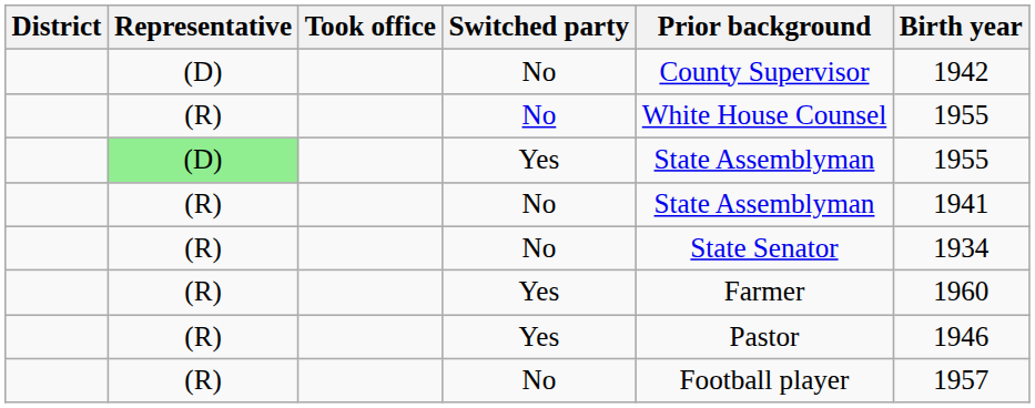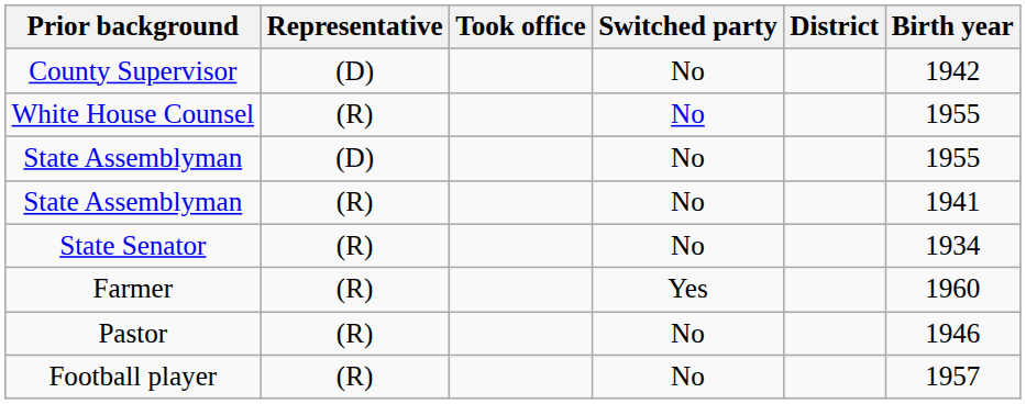 <table class="sortable wikitable" style="text-align:center">
 <tr>
-<th>District</th>
+<th>Prior background</th>
 <th>Representative</th>
 <th>Took office</th>
 <th>Switched party</th>
-<th>Prior background</th>
+<th>District</th>
 <th>Birth year</th>
 </tr>
 <tr>
-<td></td>
+<td><a href='#'>County Supervisor</a></td>
 <td> (D)</td>
 <td></td>
 <td>No</td>
-<td><a href='#'>County Supervisor</a></td>
+<td></td>
 <td>1942</td>
 </tr>
 <tr>
-<td></td>
+<td><a href='#'>White House Counsel</a></td>
 <td> (R)</td>
 <td></td>
 <td><a href='#'>No</a></td>
-<td><a href='#'>White House Counsel</a></td>
+<td></td>
 <td>1955</td>
 </tr>
 <tr>
+<td><a href='#'>State Assemblyman</a></td>
+<td> (D)</td>
 <td></td>
-<td style="background: lightgreen;"> (D)</td>
+<td>No</td>
 <td></td>
-<td>Yes</td>
-<td><a href='#'>State Assemblyman</a></td>
 <td>1955</td>
 </tr>
 <tr>
-<td></td>
+<td><a href='#'>State Assemblyman</a></td>
 <td> (R)</td>
 <td></td>
 <td>No</td>
-<td><a href='#'>State Assemblyman</a></td>
+<td></td>
 <td>1941</td>
 </tr>
 <tr>
-<td></td>
+<td><a href='#'>State Senator</a></td>
 <td> (R)</td>
 <td></td>
 <td>No</td>
-<td><a href='#'>State Senator</a></td>
+<td></td>
 <td>1934</td>
 </tr>
 <tr>
-<td></td>
+<td>Farmer</td>
 <td> (R)</td>
 <td></td>
 <td>Yes</td>
-<td>Farmer</td>
+<td></td>
 <td>1960</td>
 </tr>
 <tr>
-<td></td>
+<td>Pastor</td>
 <td> (R)</td>
 <td></td>
-<td>Yes</td>
-<td>Pastor</td>
+<td>No</td>
+<td></td>
 <td>1946</td>
 </tr>
 <tr>
-<td></td>
+<td>Football player</td>
 <td> (R)</td>
 <td></td>
 <td>No</td>
-<td>Football player</td>
+<td></td>
 <td>1957</td>
 </tr>
 </table>
